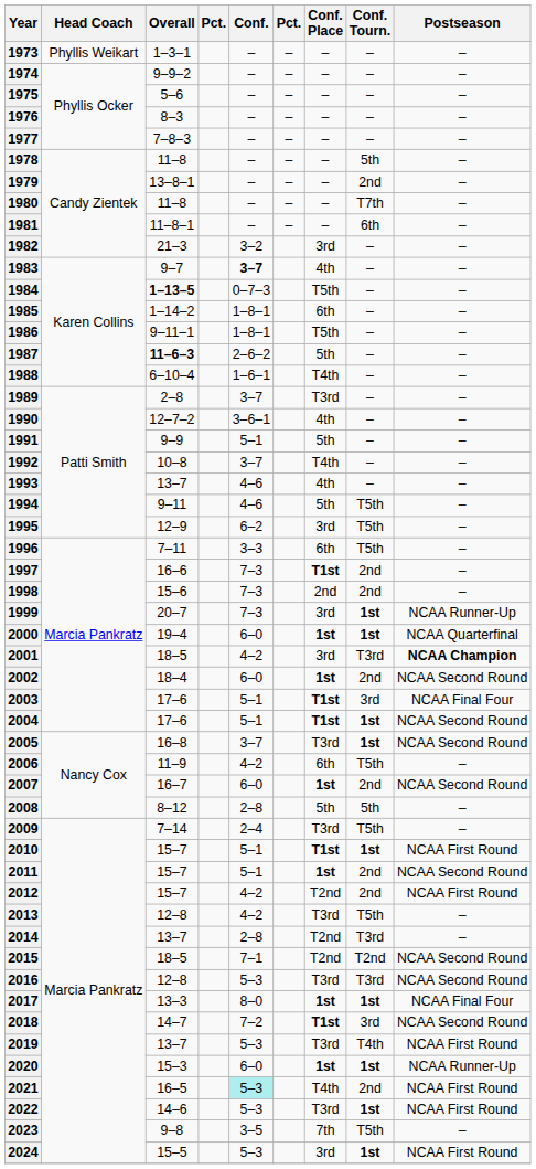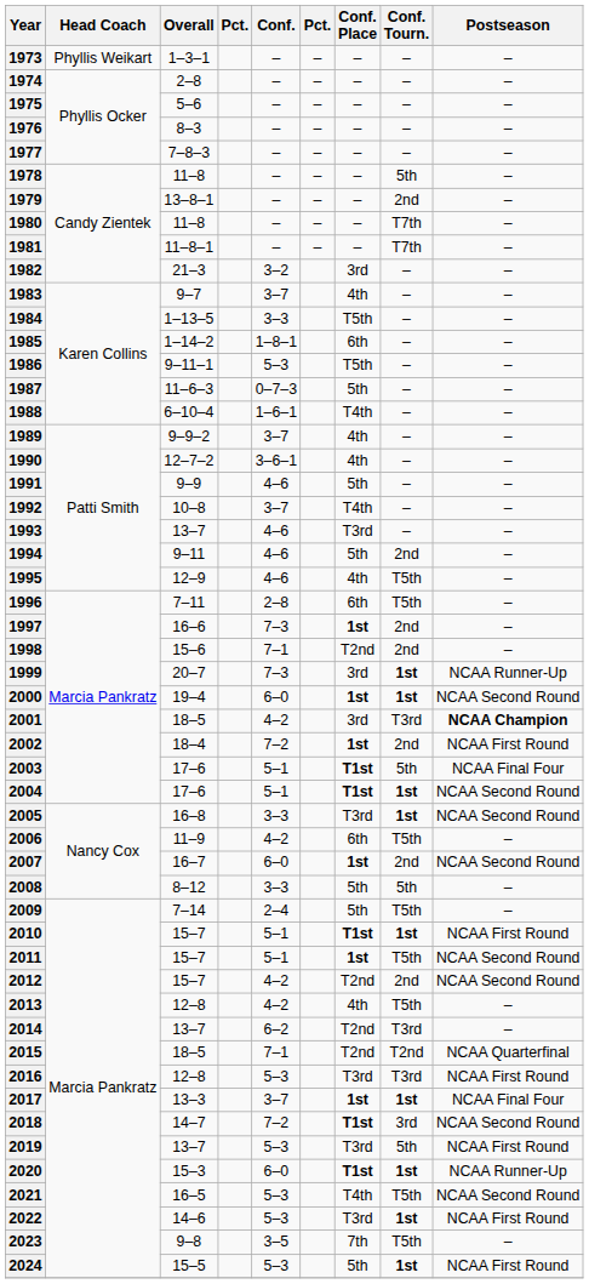 <table class="wikitable" style="text-align: center;">
 <tr>
 <th>Year</th>
 <th>Head Coach</th>
 <th>Overall</th>
 <th>Pct.</th>
 <th>Conf.</th>
 <th>Pct.</th>
 <th>Conf. <br> Place</th>
 <th>Conf. <br> Tourn.</th>
 <th>Postseason</th>
 </tr>
 <tr>
 <th>1973</th>
 <td>Phyllis Weikart</td>
 <td>1–3–1</td>
 <td></td>
 <td>–</td>
 <td>–</td>
 <td>–</td>
 <td>–</td>
 <td>–</td>
 </tr>
 <tr>
 <th>1974</th>
 <td rowspan="4">Phyllis Ocker</td>
-<td>9–9–2</td>
+<td>2–8</td>
 <td></td>
 <td>–</td>
 <td>–</td>
 <td>–</td>
 <td>–</td>
 <td>–</td>
 </tr>
 <tr>
 <th>1975</th>
 <td>5–6</td>
 <td></td>
 <td>–</td>
 <td>–</td>
 <td>–</td>
 <td>–</td>
 <td>–</td>
 </tr>
 <tr>
 <th>1976</th>
 <td>8–3</td>
 <td></td>
 <td>–</td>
 <td>–</td>
 <td>–</td>
 <td>–</td>
 <td>–</td>
 </tr>
 <tr>
 <th>1977</th>
 <td>7–8–3</td>
 <td></td>
 <td>–</td>
 <td>–</td>
 <td>–</td>
 <td>–</td>
 <td>–</td>
 </tr>
 <tr>
 <th>1978</th>
 <td rowspan="5">Candy Zientek</td>
 <td>11–8</td>
 <td></td>
 <td>–</td>
 <td>–</td>
 <td>–</td>
 <td>5th</td>
 <td>–</td>
 </tr>
 <tr>
 <th>1979</th>
 <td>13–8–1</td>
 <td></td>
 <td>–</td>
 <td>–</td>
 <td>–</td>
 <td>2nd</td>
 <td>–</td>
 </tr>
 <tr>
 <th>1980</th>
 <td>11–8</td>
 <td></td>
 <td>–</td>
 <td>–</td>
 <td>–</td>
 <td>T7th</td>
 <td>–</td>
 </tr>
 <tr>
 <th>1981</th>
 <td>11–8–1</td>
 <td></td>
 <td>–</td>
 <td>–</td>
 <td>–</td>
-<td>6th</td>
+<td>T7th</td>
 <td>–</td>
 </tr>
 <tr>
 <th>1982</th>
 <td>21–3</td>
 <td></td>
 <td>3–2</td>
 <td></td>
 <td>3rd</td>
 <td>–</td>
 <td>–</td>
 </tr>
 <tr>
 <th>1983</th>
 <td rowspan="6">Karen Collins</td>
 <td>9–7</td>
 <td></td>
-<td><strong>3–7</strong></td>
+<td>3–7</td>
 <td></td>
 <td>4th</td>
 <td>–</td>
 <td>–</td>
 </tr>
 <tr>
 <th>1984</th>
-<td><strong>1–13–5</strong></td>
+<td>1–13–5</td>
 <td></td>
-<td>0–7–3</td>
+<td>3–3</td>
 <td></td>
 <td>T5th</td>
 <td>–</td>
 <td>–</td>
 </tr>
 <tr>
 <th>1985</th>
 <td>1–14–2</td>
 <td></td>
 <td>1–8–1</td>
 <td></td>
 <td>6th</td>
 <td>–</td>
 <td>–</td>
 </tr>
 <tr>
 <th>1986</th>
 <td>9–11–1</td>
 <td></td>
-<td>1–8–1</td>
+<td>5–3</td>
 <td></td>
 <td>T5th</td>
 <td>–</td>
 <td>–</td>
 </tr>
 <tr>
 <th>1987</th>
-<td><strong>11–6–3</strong></td>
+<td>11–6–3</td>
 <td></td>
-<td>2–6–2</td>
+<td>0–7–3</td>
 <td></td>
 <td>5th</td>
 <td>–</td>
 <td>–</td>
 </tr>
 <tr>
 <th>1988</th>
 <td>6–10–4</td>
 <td></td>
 <td>1–6–1</td>
 <td></td>
 <td>T4th</td>
 <td>–</td>
 <td>–</td>
 </tr>
 <tr>
 <th>1989</th>
 <td rowspan="7">Patti Smith</td>
-<td>2–8</td>
+<td>9–9–2</td>
 <td></td>
 <td>3–7</td>
 <td></td>
-<td>T3rd</td>
+<td>4th</td>
 <td>–</td>
 <td>–</td>
 </tr>
 <tr>
 <th>1990</th>
 <td>12–7–2</td>
 <td></td>
 <td>3–6–1</td>
 <td></td>
 <td>4th</td>
 <td>–</td>
 <td>–</td>
 </tr>
 <tr>
 <th>1991</th>
 <td>9–9</td>
 <td></td>
-<td>5–1</td>
+<td>4–6</td>
 <td></td>
 <td>5th</td>
 <td>–</td>
 <td>–</td>
 </tr>
 <tr>
 <th>1992</th>
 <td>10–8</td>
 <td></td>
 <td>3–7</td>
 <td></td>
 <td>T4th</td>
 <td>–</td>
 <td>–</td>
 </tr>
 <tr>
 <th>1993</th>
 <td>13–7</td>
 <td></td>
 <td>4–6</td>
 <td></td>
-<td>4th</td>
+<td>T3rd</td>
 <td>–</td>
 <td>–</td>
 </tr>
 <tr>
 <th>1994</th>
 <td>9–11</td>
 <td></td>
 <td>4–6</td>
 <td></td>
 <td>5th</td>
-<td>T5th</td>
+<td>2nd</td>
 <td>–</td>
 </tr>
 <tr>
 <th>1995</th>
 <td>12–9</td>
 <td></td>
-<td>6–2</td>
+<td>4–6</td>
 <td></td>
-<td>3rd</td>
+<td>4th</td>
 <td>T5th</td>
 <td>–</td>
 </tr>
 <tr>
 <th>1996</th>
 <td rowspan="9"><a href='#'>Marcia Pankratz</a></td>
 <td>7–11</td>
 <td></td>
-<td>3–3</td>
+<td>2–8</td>
 <td></td>
 <td>6th</td>
 <td>T5th</td>
 <td>–</td>
 </tr>
 <tr>
 <th>1997</th>
 <td>16–6</td>
 <td></td>
 <td>7–3</td>
 <td></td>
-<td><strong>T1st</strong></td>
+<td><strong>1st</strong></td>
 <td>2nd</td>
 <td>–</td>
 </tr>
 <tr>
 <th>1998</th>
 <td>15–6</td>
 <td></td>
-<td>7–3</td>
+<td>7–1</td>
 <td></td>
-<td>2nd</td>
+<td>T2nd</td>
 <td>2nd</td>
 <td>–</td>
 </tr>
 <tr>
 <th>1999</th>
 <td>20–7</td>
 <td></td>
 <td>7–3</td>
 <td></td>
 <td>3rd</td>
 <td><strong>1st</strong></td>
 <td>NCAA Runner-Up</td>
 </tr>
 <tr>
 <th>2000</th>
 <td>19–4</td>
 <td></td>
 <td>6–0</td>
 <td></td>
 <td><strong>1st</strong></td>
 <td><strong>1st</strong></td>
-<td>NCAA Quarterfinal</td>
+<td>NCAA Second Round</td>
 </tr>
 <tr>
 <th>2001</th>
 <td>18–5</td>
 <td></td>
 <td>4–2</td>
 <td></td>
 <td>3rd</td>
 <td>T3rd</td>
 <td><strong>NCAA Champion</strong></td>
 </tr>
 <tr>
 <th>2002</th>
 <td>18–4</td>
 <td></td>
-<td>6–0</td>
+<td>7–2</td>
 <td></td>
 <td><strong>1st</strong></td>
 <td>2nd</td>
-<td>NCAA Second Round</td>
+<td>NCAA First Round</td>
 </tr>
 <tr>
 <th>2003</th>
 <td>17–6</td>
 <td></td>
 <td>5–1</td>
 <td></td>
 <td><strong>T1st</strong></td>
-<td>3rd</td>
+<td>5th</td>
 <td>NCAA Final Four</td>
 </tr>
 <tr>
 <th>2004</th>
 <td>17–6</td>
 <td></td>
 <td>5–1</td>
 <td></td>
 <td><strong>T1st</strong></td>
 <td><strong>1st</strong></td>
 <td>NCAA Second Round</td>
 </tr>
 <tr>
 <th>2005</th>
 <td rowspan="4">Nancy Cox</td>
 <td>16–8</td>
 <td></td>
-<td>3–7</td>
+<td>3–3</td>
 <td></td>
 <td>T3rd</td>
 <td><strong>1st</strong></td>
 <td>NCAA Second Round</td>
 </tr>
 <tr>
 <th>2006</th>
 <td>11–9</td>
 <td></td>
 <td>4–2</td>
 <td></td>
 <td>6th</td>
 <td>T5th</td>
 <td>–</td>
 </tr>
 <tr>
 <th>2007</th>
 <td>16–7</td>
 <td></td>
 <td>6–0</td>
 <td></td>
 <td><strong>1st</strong></td>
 <td>2nd</td>
 <td>NCAA Second Round</td>
 </tr>
 <tr>
 <th>2008</th>
 <td>8–12</td>
 <td></td>
-<td>2–8</td>
+<td>3–3</td>
 <td></td>
 <td>5th</td>
 <td>5th</td>
 <td>–</td>
 </tr>
 <tr>
 <th>2009</th>
 <td rowspan="16">Marcia Pankratz</td>
 <td>7–14</td>
 <td></td>
 <td>2–4</td>
 <td></td>
-<td>T3rd</td>
+<td>5th</td>
 <td>T5th</td>
 <td>–</td>
 </tr>
 <tr>
 <th>2010</th>
 <td>15–7</td>
 <td></td>
 <td>5–1</td>
 <td></td>
 <td><strong>T1st</strong></td>
 <td><strong>1st</strong></td>
 <td>NCAA First Round</td>
 </tr>
 <tr>
 <th>2011</th>
 <td>15–7</td>
 <td></td>
 <td>5–1</td>
 <td></td>
 <td><strong>1st</strong></td>
-<td>2nd</td>
+<td>T5th</td>
 <td>NCAA Second Round</td>
 </tr>
 <tr>
 <th>2012</th>
 <td>15–7</td>
 <td></td>
 <td>4–2</td>
 <td></td>
 <td>T2nd</td>
 <td>2nd</td>
-<td>NCAA First Round</td>
+<td>NCAA Second Round</td>
 </tr>
 <tr>
 <th>2013</th>
 <td>12–8</td>
 <td></td>
 <td>4–2</td>
 <td></td>
-<td>T3rd</td>
+<td>4th</td>
 <td>T5th</td>
 <td>–</td>
 </tr>
 <tr>
 <th>2014</th>
 <td>13–7</td>
 <td></td>
-<td>2–8</td>
+<td>6–2</td>
 <td></td>
 <td>T2nd</td>
 <td>T3rd</td>
 <td>–</td>
 </tr>
 <tr>
 <th>2015</th>
 <td>18–5</td>
 <td></td>
 <td>7–1</td>
 <td></td>
 <td>T2nd</td>
 <td>T2nd</td>
-<td>NCAA Second Round</td>
+<td>NCAA Quarterfinal</td>
 </tr>
 <tr>
 <th>2016</th>
 <td>12–8</td>
 <td></td>
 <td>5–3</td>
 <td></td>
 <td>T3rd</td>
 <td>T3rd</td>
-<td>NCAA Second Round</td>
+<td>NCAA First Round</td>
 </tr>
 <tr>
 <th>2017</th>
 <td>13–3</td>
 <td></td>
-<td>8–0</td>
+<td>3–7</td>
 <td></td>
 <td><strong>1st</strong></td>
 <td><strong>1st</strong></td>
 <td>NCAA Final Four</td>
 </tr>
 <tr>
 <th>2018</th>
 <td>14–7</td>
 <td></td>
 <td>7–2</td>
 <td></td>
 <td><strong>T1st</strong></td>
 <td>3rd</td>
 <td>NCAA Second Round</td>
 </tr>
 <tr>
 <th>2019</th>
 <td>13–7</td>
 <td></td>
 <td>5–3</td>
 <td></td>
 <td>T3rd</td>
-<td>T4th</td>
+<td>5th</td>
 <td>NCAA First Round</td>
 </tr>
 <tr>
 <th>2020</th>
 <td>15–3</td>
 <td></td>
 <td>6–0</td>
 <td></td>
-<td><strong>1st</strong></td>
+<td><strong>T1st</strong></td>
 <td><strong>1st</strong></td>
 <td>NCAA Runner-Up</td>
 </tr>
 <tr>
 <th>2021</th>
 <td>16–5</td>
 <td></td>
-<td style="background: paleturquoise;">5–3</td>
+<td>5–3</td>
 <td></td>
 <td>T4th</td>
-<td>2nd</td>
-<td>NCAA First Round</td>
+<td>T5th</td>
+<td>NCAA Second Round</td>
 </tr>
 <tr>
 <th>2022</th>
 <td>14–6</td>
 <td></td>
 <td>5–3</td>
 <td></td>
 <td>T3rd</td>
 <td><strong>1st</strong></td>
 <td>NCAA First Round</td>
 </tr>
 <tr>
 <th>2023</th>
 <td>9–8</td>
 <td></td>
 <td>3–5</td>
 <td></td>
 <td>7th</td>
 <td>T5th</td>
 <td>–</td>
 </tr>
 <tr>
 <th>2024</th>
 <td>15–5</td>
 <td></td>
 <td>5–3</td>
 <td></td>
-<td>3rd</td>
+<td>5th</td>
 <td><strong>1st</strong></td>
 <td>NCAA First Round</td>
 </tr>
 <tr>
 </tr>
 </table>
